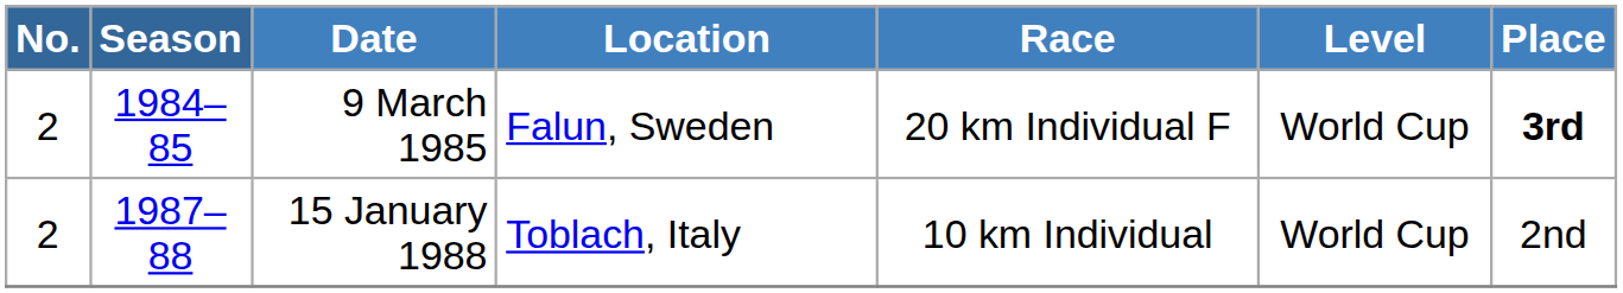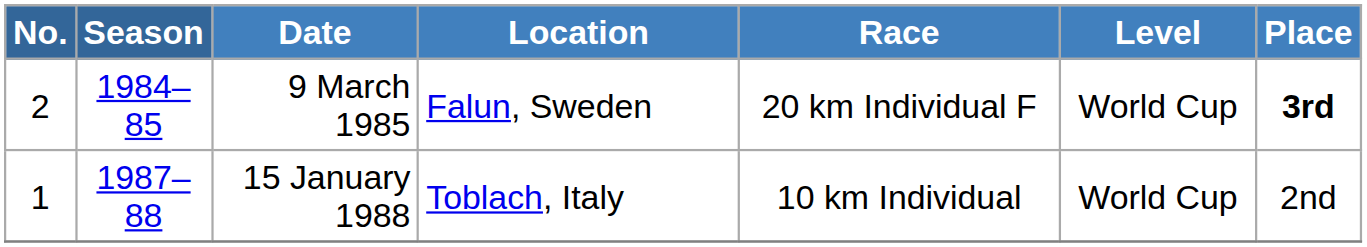 <table class="wikitable sortable" style="font-size:95%; text-align:center; border:grey solid 1px; border-collapse:collapse; background:#ffffff;">
 <tr style="background:#efefef;">
 <th style="background-color:#369; color:white;">No.</th>
 <th style="background-color:#369; color:white;">Season</th>
 <th style="background-color:#4180be; color:white; width:100px;">Date</th>
 <th style="background-color:#4180be; color:white; width:170px;">Location</th>
 <th style="background-color:#4180be; color:white; width:170px;">Race</th>
 <th style="background-color:#4180be; color:white; width:100px;">Level</th>
 <th style="background-color:#4180be; color:white;">Place</th>
 </tr>
 <tr>
 <td align=center>2</td>
 <td rowspan=1 align=center><a href='#'>1984–85</a></td>
 <td align=right>9 March 1985</td>
 <td align=left> <a href='#'>Falun</a>, Sweden</td>
 <td>20 km Individual F</td>
 <td>World Cup</td>
 <td><strong>3rd</strong></td>
 </tr>
 <tr>
-<td align=center>2</td>
+<td align=center>1</td>
 <td rowspan=1 align=center><a href='#'>1987–88</a></td>
 <td align=right>15 January 1988</td>
 <td align=left> <a href='#'>Toblach</a>, Italy</td>
 <td>10 km Individual</td>
 <td>World Cup</td>
 <td>2nd</td>
 </tr>
 <tr>
 </tr>
 </table>
